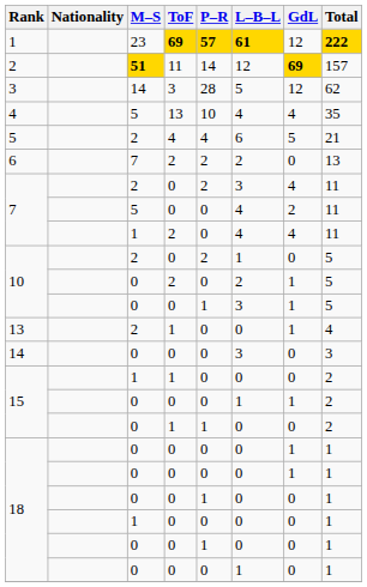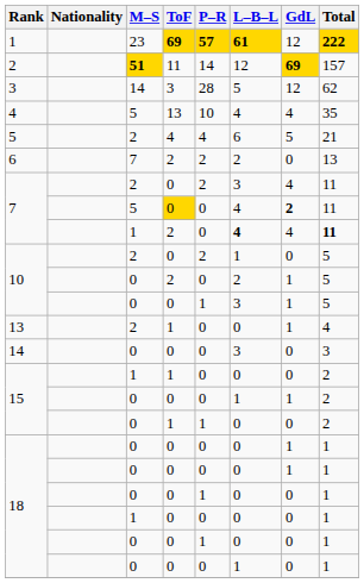 <table class="wikitable sortable">
 <tr>
 <th>Rank</th>
 <th>Nationality</th>
 <th><a href='#'>M–S</a></th>
 <th><a href='#'>ToF</a></th>
 <th><a href='#'>P–R</a></th>
 <th><a href='#'>L–B–L</a></th>
 <th><a href='#'>GdL</a></th>
 <th>Total</th>
 </tr>
 <tr>
 <td>1</td>
 <td></td>
 <td>23</td>
 <td bgcolor=gold><strong>69</strong></td>
 <td bgcolor=gold><strong>57</strong></td>
 <td bgcolor=gold><strong>61</strong></td>
 <td>12</td>
 <td bgcolor=gold><strong>222</strong></td>
 </tr>
 <tr>
 <td>2</td>
 <td></td>
 <td bgcolor=gold><strong>51</strong></td>
 <td>11</td>
 <td>14</td>
 <td>12</td>
 <td bgcolor=gold><strong>69</strong></td>
 <td>157</td>
 </tr>
 <tr>
 <td>3</td>
 <td></td>
 <td>14</td>
 <td>3</td>
 <td>28</td>
 <td>5</td>
 <td>12</td>
 <td>62</td>
 </tr>
 <tr>
 <td>4</td>
 <td></td>
 <td>5</td>
 <td>13</td>
 <td>10</td>
 <td>4</td>
 <td>4</td>
 <td>35</td>
 </tr>
 <tr>
 <td>5</td>
 <td></td>
 <td>2</td>
 <td>4</td>
 <td>4</td>
 <td>6</td>
 <td>5</td>
 <td>21</td>
 </tr>
 <tr>
 <td>6</td>
 <td></td>
 <td>7</td>
 <td>2</td>
 <td>2</td>
 <td>2</td>
 <td>0</td>
 <td>13</td>
 </tr>
 <tr>
 <td rowspan=3>7</td>
 <td></td>
 <td>2</td>
 <td>0</td>
 <td>2</td>
 <td>3</td>
 <td>4</td>
 <td>11</td>
 </tr>
 <tr>
 <td></td>
 <td>5</td>
-<td>0</td>
+<td style="background: gold;">0</td>
 <td>0</td>
 <td>4</td>
-<td>2</td>
+<td><strong>2</strong></td>
 <td>11</td>
 </tr>
 <tr>
 <td></td>
 <td>1</td>
 <td>2</td>
 <td>0</td>
+<td><strong>4</strong></td>
 <td>4</td>
-<td>4</td>
-<td>11</td>
+<td><strong>11</strong></td>
 </tr>
 <tr>
 <td rowspan=3>10</td>
 <td></td>
 <td>2</td>
 <td>0</td>
 <td>2</td>
 <td>1</td>
 <td>0</td>
 <td>5</td>
 </tr>
 <tr>
 <td></td>
 <td>0</td>
 <td>2</td>
 <td>0</td>
 <td>2</td>
 <td>1</td>
 <td>5</td>
 </tr>
 <tr>
 <td></td>
 <td>0</td>
 <td>0</td>
 <td>1</td>
 <td>3</td>
 <td>1</td>
 <td>5</td>
 </tr>
 <tr>
 <td rowspan=1>13</td>
 <td></td>
 <td>2</td>
 <td>1</td>
 <td>0</td>
 <td>0</td>
 <td>1</td>
 <td>4</td>
 </tr>
 <tr>
 <td>14</td>
 <td></td>
 <td>0</td>
 <td>0</td>
 <td>0</td>
 <td>3</td>
 <td>0</td>
 <td>3</td>
 </tr>
 <tr>
 <td rowspan=3>15</td>
 <td></td>
 <td>1</td>
 <td>1</td>
 <td>0</td>
 <td>0</td>
 <td>0</td>
 <td>2</td>
 </tr>
 <tr>
 <td></td>
 <td>0</td>
 <td>0</td>
 <td>0</td>
 <td>1</td>
 <td>1</td>
 <td>2</td>
 </tr>
 <tr>
 <td></td>
 <td>0</td>
 <td>1</td>
 <td>1</td>
 <td>0</td>
 <td>0</td>
 <td>2</td>
 </tr>
 <tr>
 <td rowspan=6>18</td>
 <td></td>
 <td>0</td>
 <td>0</td>
 <td>0</td>
 <td>0</td>
 <td>1</td>
 <td>1</td>
 </tr>
 <tr>
 <td></td>
 <td>0</td>
 <td>0</td>
 <td>0</td>
 <td>0</td>
 <td>1</td>
 <td>1</td>
 </tr>
 <tr>
 <td></td>
 <td>0</td>
 <td>0</td>
 <td>1</td>
 <td>0</td>
 <td>0</td>
 <td>1</td>
 </tr>
 <tr>
 <td></td>
 <td>1</td>
 <td>0</td>
 <td>0</td>
 <td>0</td>
 <td>0</td>
 <td>1</td>
 </tr>
 <tr>
 <td></td>
 <td>0</td>
 <td>0</td>
 <td>1</td>
 <td>0</td>
 <td>0</td>
 <td>1</td>
 </tr>
 <tr>
 <td></td>
 <td>0</td>
 <td>0</td>
 <td>0</td>
 <td>1</td>
 <td>0</td>
 <td>1</td>
 </tr>
 <tr>
 </tr>
 </table>
